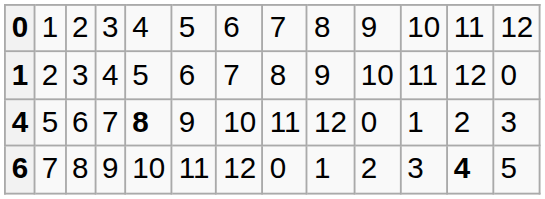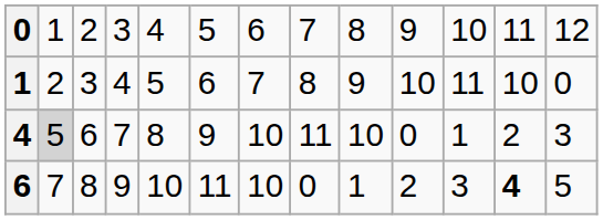 <table class=wikitable>
 <tr>
 <th>0</th>
 <td>1</td>
 <td>2</td>
 <td>3</td>
 <td>4</td>
 <td>5</td>
 <td>6</td>
 <td>7</td>
 <td>8</td>
 <td>9</td>
 <td>10</td>
 <td>11</td>
 <td>12</td>
 </tr>
 <tr>
 <th>1</th>
 <td>2</td>
 <td>3</td>
 <td>4</td>
 <td>5</td>
 <td>6</td>
 <td>7</td>
 <td>8</td>
 <td>9</td>
 <td>10</td>
 <td>11</td>
-<td>12</td>
+<td>10</td>
 <td>0</td>
 </tr>
 <tr>
 <th>4</th>
-<td>5</td>
+<td style="background: lightgrey;">5</td>
 <td>6</td>
 <td>7</td>
-<td><strong>8</strong></td>
+<td>8</td>
 <td>9</td>
 <td>10</td>
 <td>11</td>
-<td>12</td>
+<td>10</td>
 <td>0</td>
 <td>1</td>
 <td>2</td>
 <td>3</td>
 </tr>
 <tr>
 <th>6</th>
 <td>7</td>
 <td>8</td>
 <td>9</td>
 <td>10</td>
 <td>11</td>
-<td>12</td>
+<td>10</td>
 <td>0</td>
 <td>1</td>
 <td>2</td>
 <td>3</td>
 <td><strong>4</strong></td>
 <td>5</td>
 </tr>
 </table>
